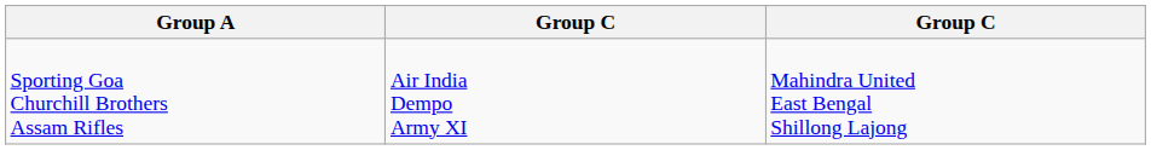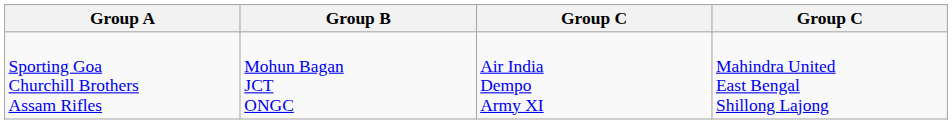 <table class="wikitable" width=98%>
 <tr>
 <th width=20%>Group A</th>
+<th width=20%>Group B</th>
 <th width=20%>Group C</th>
 <th width=20%>Group C</th>
 </tr>
 <tr>
 <td><br><a href='#'>Sporting Goa</a><br> <a href='#'>Churchill Brothers</a><br> <a href='#'>Assam Rifles</a><br></td>
+<td><br><a href='#'>Mohun Bagan</a><br> <a href='#'>JCT</a><br> <a href='#'>ONGC</a><br></td>
 <td><br><a href='#'>Air India</a><br> <a href='#'>Dempo</a><br> <a href='#'>Army XI</a><br></td>
 <td><br><a href='#'>Mahindra United</a><br> <a href='#'>East Bengal</a><br> <a href='#'>Shillong Lajong</a><br></td>
 </tr>
 </table>
